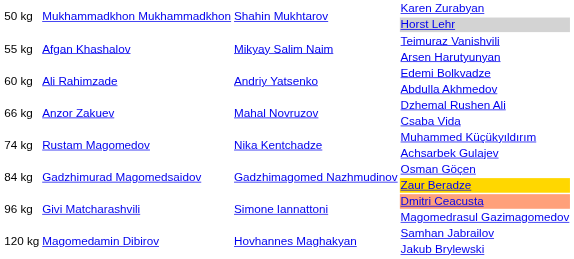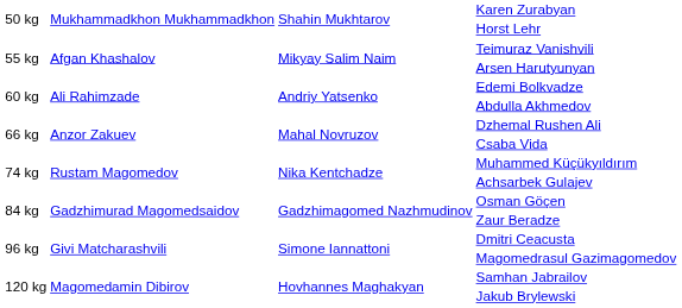 <table>
 <tr>
 <td rowspan=2>50 kg</td>
 <td rowspan=2> <a href='#'>Mukhammadkhon Mukhammadkhon</a></td>
 <td rowspan=2> <a href='#'>Shahin Mukhtarov</a></td>
 <td> <a href='#'>Karen Zurabyan</a></td>
 </tr>
 <tr>
-<td style="background: lightgrey;"><a href='#'>Horst Lehr</a></td>
+<td><a href='#'>Horst Lehr</a></td>
 </tr>
 <tr>
 <td rowspan=2>55 kg</td>
 <td rowspan=2> <a href='#'>Afgan Khashalov</a></td>
 <td rowspan=2> <a href='#'>Mikyay Salim Naim</a></td>
 <td> <a href='#'>Teimuraz Vanishvili</a></td>
 </tr>
 <tr>
 <td> <a href='#'>Arsen Harutyunyan</a></td>
 </tr>
 <tr>
 <td rowspan=2>60 kg</td>
 <td rowspan=2> <a href='#'>Ali Rahimzade</a></td>
 <td rowspan=2> <a href='#'>Andriy Yatsenko</a></td>
 <td> <a href='#'>Edemi Bolkvadze</a></td>
 </tr>
 <tr>
 <td> <a href='#'>Abdulla Akhmedov</a></td>
 </tr>
 <tr>
 <td rowspan=2>66 kg</td>
 <td rowspan=2> <a href='#'>Anzor Zakuev</a></td>
 <td rowspan=2> <a href='#'>Mahal Novruzov</a></td>
 <td> <a href='#'>Dzhemal Rushen Ali</a></td>
 </tr>
 <tr>
 <td> <a href='#'>Csaba Vida</a></td>
 </tr>
 <tr>
 <td rowspan=2>74 kg</td>
 <td rowspan=2> <a href='#'>Rustam Magomedov</a></td>
 <td rowspan=2> <a href='#'>Nika Kentchadze</a></td>
 <td> <a href='#'>Muhammed Küçükyıldırım</a></td>
 </tr>
 <tr>
 <td> <a href='#'>Achsarbek Gulajev</a></td>
 </tr>
 <tr>
 <td rowspan=2>84 kg</td>
 <td rowspan=2> <a href='#'>Gadzhimurad Magomedsaidov</a></td>
 <td rowspan=2> <a href='#'>Gadzhimagomed Nazhmudinov</a></td>
 <td> <a href='#'>Osman Göçen</a></td>
 </tr>
 <tr>
-<td style="background: gold;"> <a href='#'>Zaur Beradze</a></td>
+<td> <a href='#'>Zaur Beradze</a></td>
 </tr>
 <tr>
 <td rowspan=2>96 kg</td>
 <td rowspan=2> <a href='#'>Givi Matcharashvili</a></td>
 <td rowspan=2> <a href='#'>Simone Iannattoni</a></td>
-<td style="background: lightsalmon;"> <a href='#'>Dmitri Ceacusta</a></td>
+<td> <a href='#'>Dmitri Ceacusta</a></td>
 </tr>
 <tr>
 <td> <a href='#'>Magomedrasul Gazimagomedov</a></td>
 </tr>
 <tr>
 <td rowspan=2>120 kg</td>
 <td rowspan=2> <a href='#'>Magomedamin Dibirov</a></td>
 <td rowspan=2> <a href='#'>Hovhannes Maghakyan</a></td>
 <td> <a href='#'>Samhan Jabrailov</a></td>
 </tr>
 <tr>
 <td> <a href='#'>Jakub Brylewski</a></td>
 </tr>
 </table>
